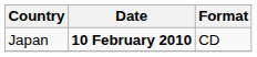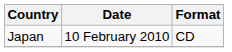 <table class="wikitable plainrowheaders">
 <tr>
 <th scope="col">Country</th>
 <th scope="col">Date</th>
 <th scope="col">Format</th>
 </tr>
 <tr>
 <td>Japan</td>
-<td><strong>10 February 2010</strong></td>
+<td>10 February 2010</td>
 <td>CD</td>
 </tr>
 <tr>
 </tr>
 </table>
